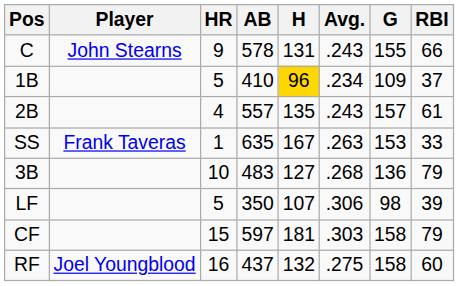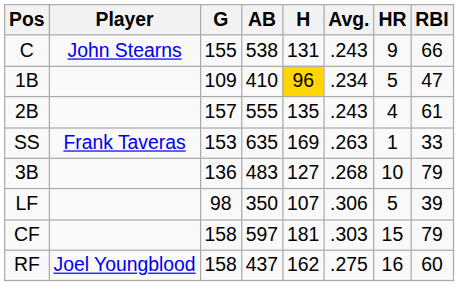 <table class="wikitable sortable">
 <tr>
 <th>Pos</th>
 <th>Player</th>
-<th>HR</th>
+<th>G</th>
 <th>AB</th>
 <th>H</th>
 <th>Avg.</th>
-<th>G</th>
+<th>HR</th>
 <th>RBI</th>
 </tr>
 <tr style="text-align:center;">
 <td>C</td>
 <td><a href='#'>John Stearns</a></td>
-<td>9</td>
-<td>578</td>
+<td>155</td>
+<td>538</td>
 <td>131</td>
 <td>.243</td>
-<td>155</td>
+<td>9</td>
 <td>66</td>
 </tr>
 <tr align=center>
 <td>1B</td>
 <td></td>
-<td>5</td>
+<td>109</td>
 <td>410</td>
 <td style="background: gold;">96</td>
 <td>.234</td>
-<td>109</td>
-<td>37</td>
+<td>5</td>
+<td>47</td>
 </tr>
 <tr style="text-align:center;">
 <td>2B</td>
 <td></td>
-<td>4</td>
-<td>557</td>
+<td>157</td>
+<td>555</td>
 <td>135</td>
 <td>.243</td>
-<td>157</td>
+<td>4</td>
 <td>61</td>
 </tr>
 <tr style="text-align:center;">
 <td>SS</td>
 <td><a href='#'>Frank Taveras</a></td>
+<td>153</td>
+<td>635</td>
+<td>169</td>
+<td>.263</td>
 <td>1</td>
-<td>635</td>
-<td>167</td>
-<td>.263</td>
-<td>153</td>
 <td>33</td>
 </tr>
 <tr align=center>
 <td>3B</td>
 <td></td>
-<td>10</td>
+<td>136</td>
 <td>483</td>
 <td>127</td>
 <td>.268</td>
-<td>136</td>
+<td>10</td>
 <td>79</td>
 </tr>
 <tr style="text-align:center;">
 <td>LF</td>
 <td></td>
-<td>5</td>
+<td>98</td>
 <td>350</td>
 <td>107</td>
 <td>.306</td>
-<td>98</td>
+<td>5</td>
 <td>39</td>
 </tr>
 <tr style="text-align:center;">
 <td>CF</td>
 <td></td>
-<td>15</td>
+<td>158</td>
 <td>597</td>
 <td>181</td>
 <td>.303</td>
-<td>158</td>
+<td>15</td>
 <td>79</td>
 </tr>
 <tr align=center>
 <td>RF</td>
 <td><a href='#'>Joel Youngblood</a></td>
+<td>158</td>
+<td>437</td>
+<td>162</td>
+<td>.275</td>
 <td>16</td>
-<td>437</td>
-<td>132</td>
-<td>.275</td>
-<td>158</td>
 <td>60</td>
 </tr>
 </table>
